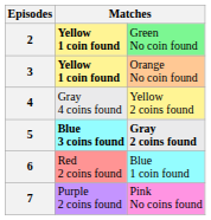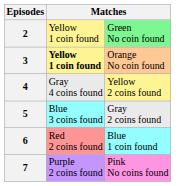 <table class="wikitable">
 <tr>
 <th>Episodes</th>
 <th colspan="2">Matches</th>
 </tr>
 <tr>
 <th>2</th>
-<td style="background:#fff494"><strong>Yellow<br>1 coin found</strong></td>
+<td style="background:#fff494">Yellow<br>1 coin found</td>
 <td style="background:#7cf792">Green<br>No coin found</td>
 </tr>
 <tr>
 <th>3</th>
 <td style="background:#fff494"><strong>Yellow<br>1 coin found</strong></td>
 <td style="background:#ffc894">Orange<br>No coin found</td>
 </tr>
 <tr>
 <th>4</th>
 <td style="background:#eaeaeb">Gray<br>4 coins found</td>
 <td style="background:#fff494">Yellow<br>2 coins found</td>
 </tr>
 <tr>
 <th>5</th>
-<td style="background:#94fdff"><strong>Blue<br>3 coins found</strong></td>
-<td style="background:#eaeaeb"><strong>Gray<br>2 coins found</strong></td>
+<td style="background:#94fdff">Blue<br>3 coins found</td>
+<td style="background:#eaeaeb">Gray<br>2 coins found</td>
 </tr>
 <tr>
 <th>6</th>
 <td style="background:#ff9494">Red<br>2 coins found</td>
 <td style="background:#94fdff">Blue<br>1 coin found</td>
 </tr>
 <tr>
 <th>7</th>
 <td style="background:#c494ff">Purple<br>2 coins found</td>
 <td style="background:#ff94e2">Pink<br>No coins found</td>
 </tr>
 </table>
